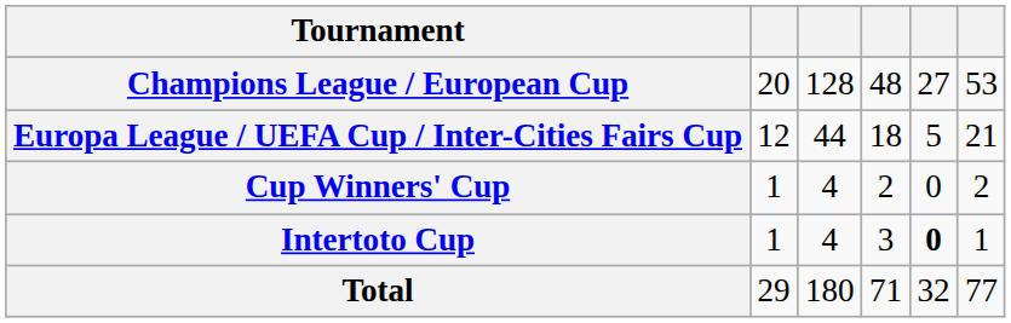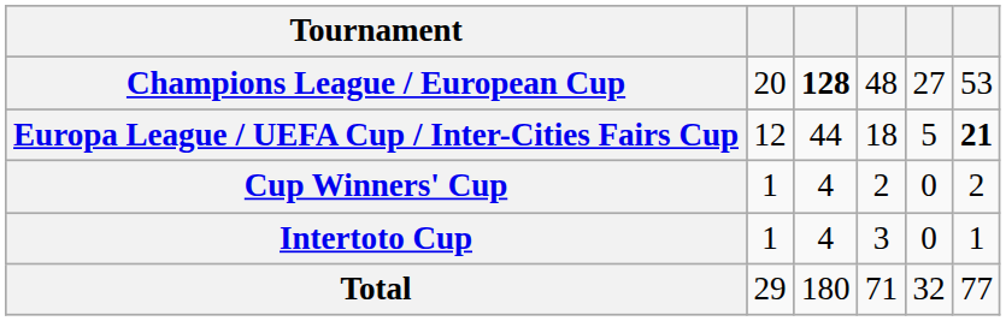 <table class="wikitable sortable plainrowheaders">
 <tr>
 <th scope=col>Tournament</th>
 <th scope=col></th>
 <th scope=col></th>
 <th scope=col></th>
 <th scope=col></th>
 <th scope=col></th>
 </tr>
 <tr>
 <th scope=row><a href='#'>Champions League / European Cup</a></th>
 <td align=center>20</td>
-<td align=center>128</td>
+<td align=center><strong>128</strong></td>
 <td align=center>48</td>
 <td align=center>27</td>
 <td align=center>53</td>
 </tr>
 <tr>
 <th scope=row><a href='#'>Europa League / UEFA Cup / Inter-Cities Fairs Cup</a></th>
 <td align=center>12</td>
 <td align=center>44</td>
 <td align=center>18</td>
 <td align=center>5</td>
-<td align=center>21</td>
+<td align=center><strong>21</strong></td>
 </tr>
 <tr>
 <th scope=row><a href='#'>Cup Winners' Cup</a></th>
 <td align=center>1</td>
 <td align=center>4</td>
 <td align=center>2</td>
 <td align=center>0</td>
 <td align=center>2</td>
 </tr>
 <tr>
 <th scope=row><a href='#'>Intertoto Cup</a></th>
 <td align=center>1</td>
 <td align=center>4</td>
 <td align=center>3</td>
-<td align=center><strong>0</strong></td>
+<td align=center>0</td>
 <td align=center>1</td>
 </tr>
 <tr class=sortbottom>
 <th scope=row>Total</th>
 <td align=center>29</td>
 <td align=center>180</td>
 <td align=center>71</td>
 <td align=center>32</td>
 <td align=center>77</td>
 </tr>
 </table>
